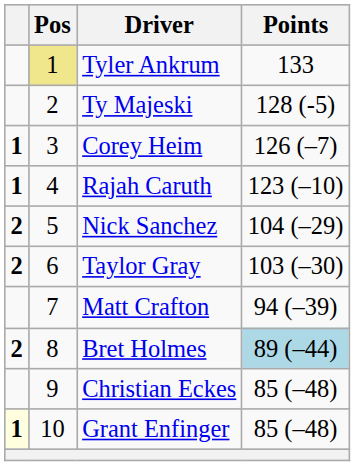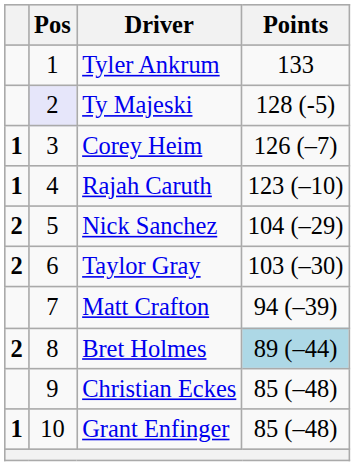 <table class="wikitable" style="font-size: 95%;">
 <tr>
 <th></th>
 <th>Pos</th>
 <th>Driver</th>
 <th>Points</th>
 </tr>
 <tr>
 <td align="left"></td>
-<td style="background: khaki; text-align:center;">1</td>
+<td style="text-align:center;">1</td>
 <td><a href='#'>Tyler Ankrum</a></td>
 <td style="text-align:center;">133</td>
 </tr>
 <tr>
 <td align="left"></td>
-<td style="text-align:center;">2</td>
+<td style="background: lavender; text-align:center;">2</td>
 <td><a href='#'>Ty Majeski</a></td>
 <td style="text-align:center;">128 (-5)</td>
 </tr>
 <tr>
 <td align="left"> <strong>1</strong></td>
 <td style="text-align:center;">3</td>
 <td><a href='#'>Corey Heim</a></td>
 <td style="text-align:center;">126 (–7)</td>
 </tr>
 <tr>
 <td align="left"> <strong>1</strong></td>
 <td style="text-align:center;">4</td>
 <td><a href='#'>Rajah Caruth</a></td>
 <td style="text-align:center;">123 (–10)</td>
 </tr>
 <tr>
 <td align="left"> <strong>2</strong></td>
 <td style="text-align:center;">5</td>
 <td><a href='#'>Nick Sanchez</a></td>
 <td style="text-align:center;">104 (–29)</td>
 </tr>
 <tr>
 <td align="left"> <strong>2</strong></td>
 <td style="text-align:center;">6</td>
 <td><a href='#'>Taylor Gray</a></td>
 <td style="text-align:center;">103 (–30)</td>
 </tr>
 <tr>
 <td align="left"></td>
 <td style="text-align:center;">7</td>
 <td><a href='#'>Matt Crafton</a></td>
 <td style="text-align:center;">94 (–39)</td>
 </tr>
 <tr>
 <td align="left"> <strong>2</strong></td>
 <td style="text-align:center;">8</td>
 <td><a href='#'>Bret Holmes</a></td>
 <td style="background: lightblue; text-align:center;">89 (–44)</td>
 </tr>
 <tr>
 <td align="left"></td>
 <td style="text-align:center;">9</td>
 <td><a href='#'>Christian Eckes</a></td>
 <td style="text-align:center;">85 (–48)</td>
 </tr>
 <tr>
-<td align="left" style="background: lightyellow;"> <strong>1</strong></td>
+<td align="left"> <strong>1</strong></td>
 <td style="text-align:center;">10</td>
 <td><a href='#'>Grant Enfinger</a></td>
 <td style="text-align:center;">85 (–48)</td>
 </tr>
 <tr class="sortbottom">
 <th colspan="9"></th>
 </tr>
 </table>
